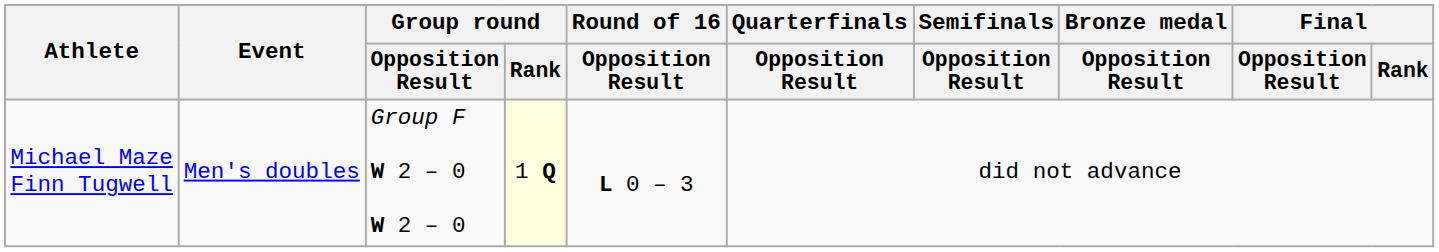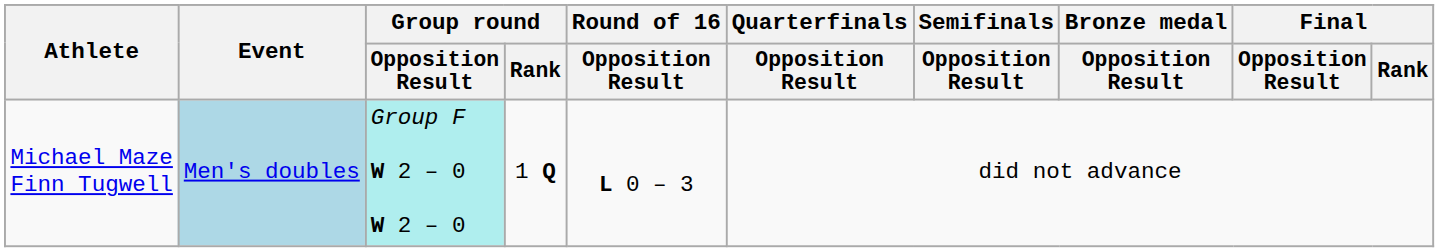 <table class="wikitable" style="font-size:90%;">
 <tr>
 <th rowspan="2">Athlete</th>
 <th rowspan="2">Event</th>
 <th colspan="2">Group round</th>
 <th>Round of 16</th>
 <th>Quarterfinals</th>
 <th>Semifinals</th>
 <th>Bronze medal</th>
 <th colspan=2>Final</th>
 </tr>
 <tr style="font-size:95%">
 <th>Opposition<br>Result</th>
 <th>Rank</th>
 <th>Opposition<br>Result</th>
 <th>Opposition<br>Result</th>
 <th>Opposition<br>Result</th>
 <th>Opposition<br>Result</th>
 <th>Opposition<br>Result</th>
 <th>Rank</th>
 </tr>
 <tr align=center>
 <td align=left><a href='#'>Michael Maze</a><br><a href='#'>Finn Tugwell</a></td>
-<td align=left><a href='#'>Men's doubles</a></td>
-<td align=left><em>Group F</em><br><br><strong>W</strong> 2 – 0<br><br><strong>W</strong> 2 – 0</td>
-<td style="background: lightyellow;">1 <strong>Q</strong></td>
+<td align=left style="background: lightblue;"><a href='#'>Men's doubles</a></td>
+<td align=left style="background: paleturquoise;"><em>Group F</em><br><br><strong>W</strong> 2 – 0<br><br><strong>W</strong> 2 – 0</td>
+<td>1 <strong>Q</strong></td>
 <td align=center><br><strong>L</strong> 0 – 3</td>
 <td colspan=7>did not advance</td>
 </tr>
 </table>
